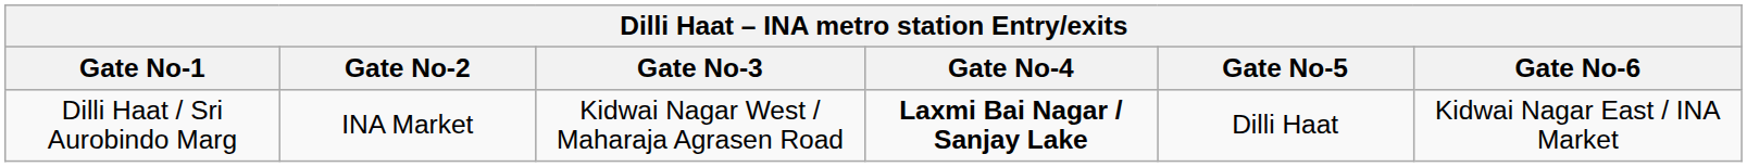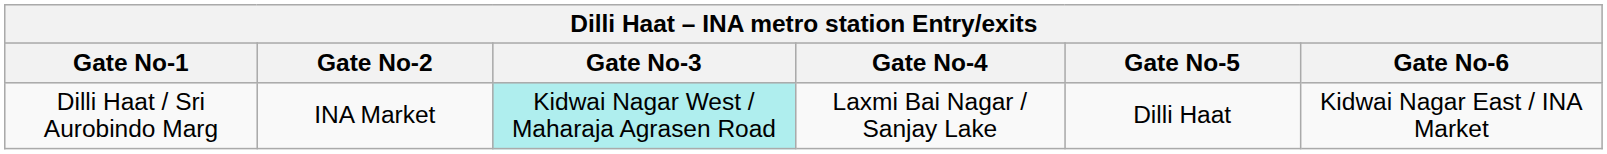 <table class="wikitable" style="text-align: center;" width="66%">
 <tr>
 <th align="center" colspan="8" style="background:#"><span>Dilli Haat – INA metro station Entry/exits</span></th>
 </tr>
 <tr>
 <th style="width:15%;">Gate No-1 </th>
 <th style="width:14%;">Gate No-2 </th>
 <th style="width:18%;">Gate No-3</th>
 <th style="width:16%;">Gate No-4 </th>
 <th style="width:14%;">Gate No-5 </th>
 <th style="width:18%;">Gate No-6</th>
 </tr>
 <tr>
 <td>Dilli Haat / Sri Aurobindo Marg</td>
 <td>INA Market</td>
-<td>Kidwai Nagar West / Maharaja Agrasen Road</td>
-<td><strong>Laxmi Bai Nagar / Sanjay Lake</strong></td>
+<td style="background: paleturquoise;">Kidwai Nagar West / Maharaja Agrasen Road</td>
+<td>Laxmi Bai Nagar / Sanjay Lake</td>
 <td>Dilli Haat</td>
 <td>Kidwai Nagar East / INA Market</td>
 </tr>
 </table>
